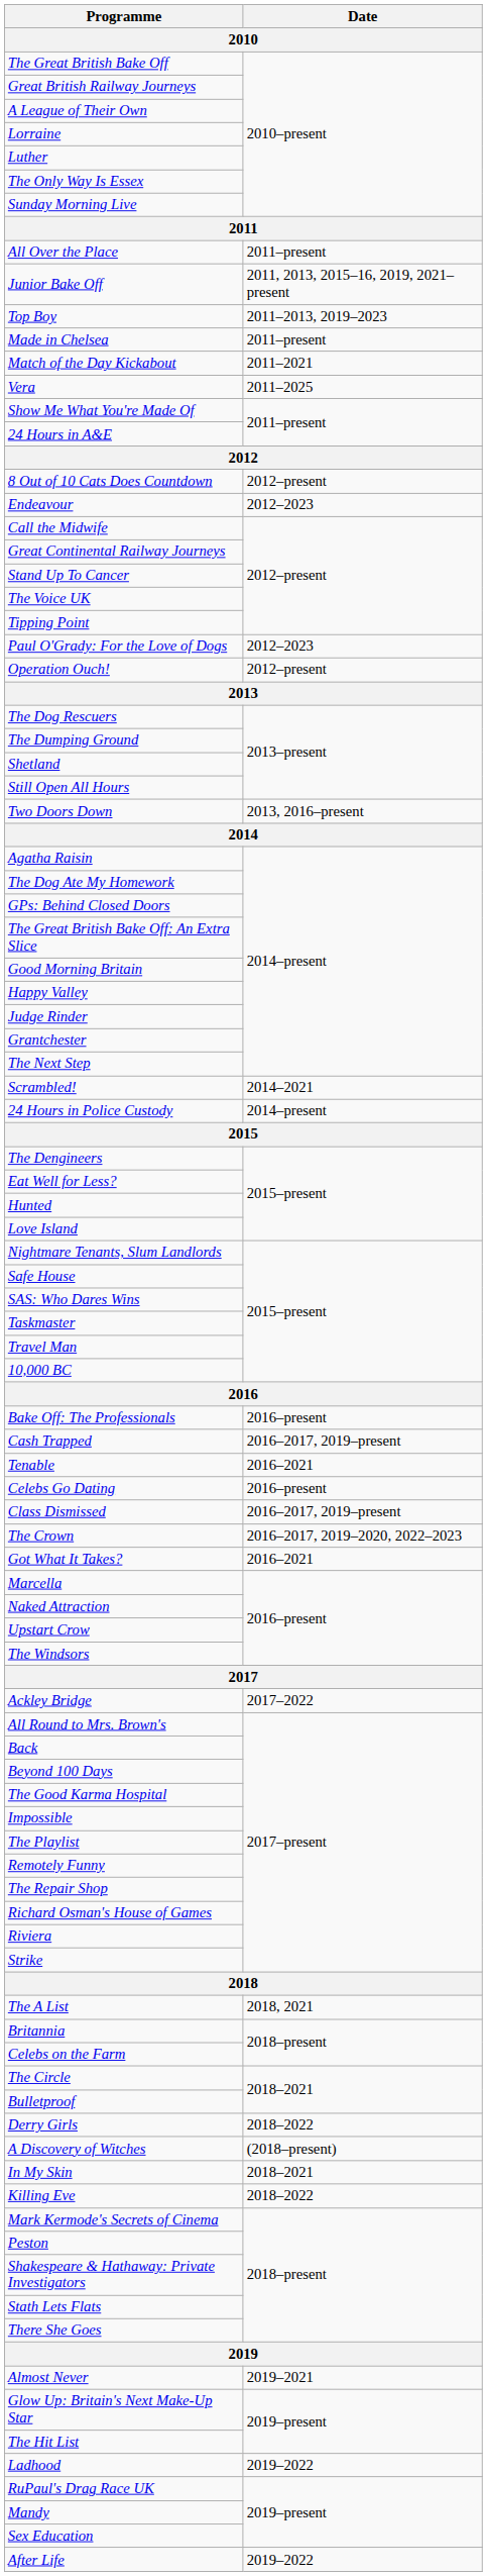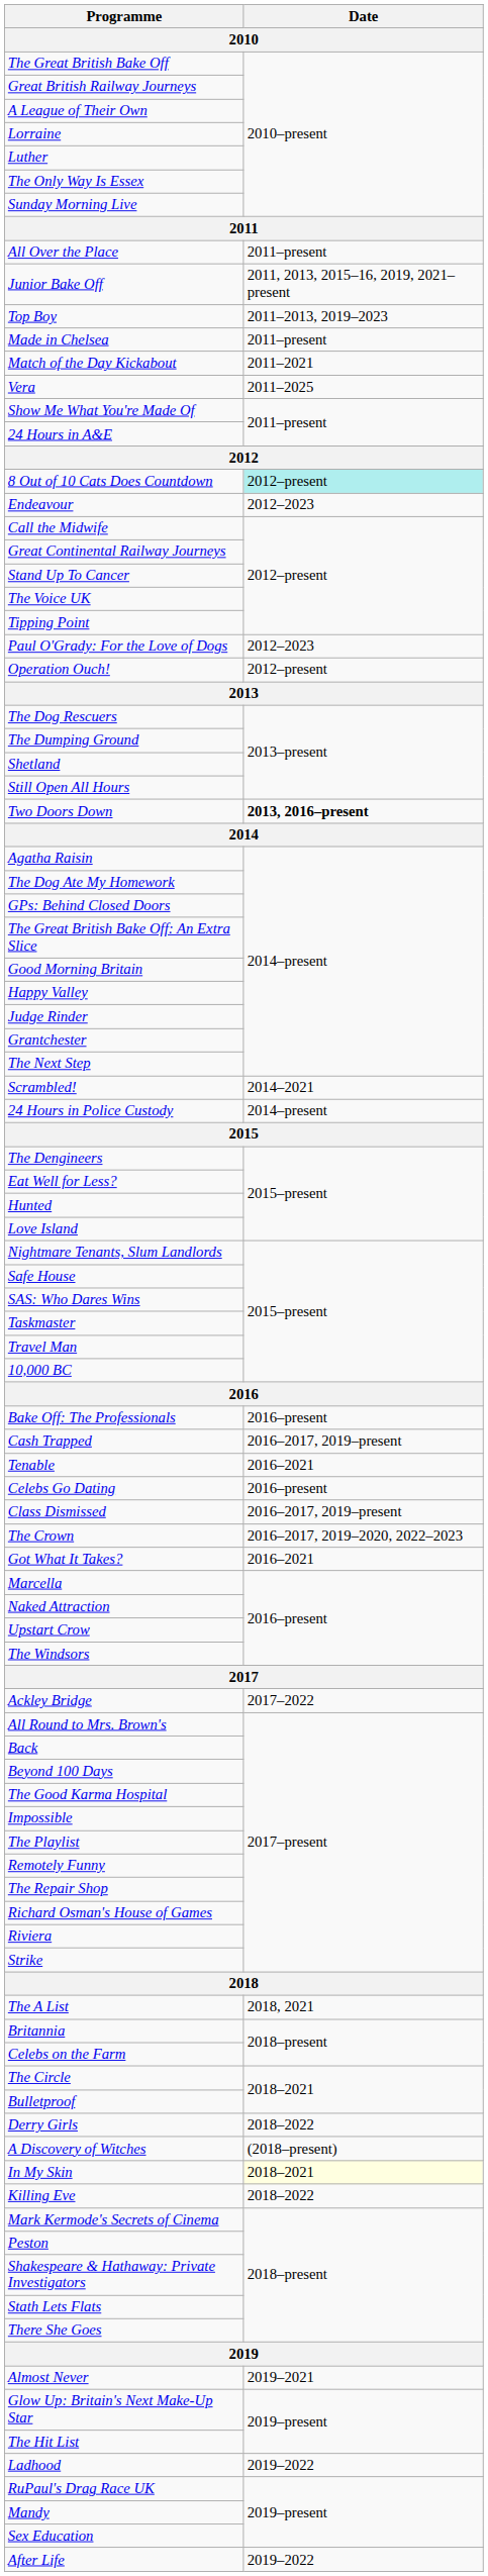 <table class="wikitable">
 <tr>
 <th width=250>Programme</th>
 <th width=250>Date</th>
 </tr>
 <tr>
 <th colspan=2>2010</th>
 </tr>
 <tr>
 <td><em><a href='#'>The Great British Bake Off</a></em></td>
 <td rowspan=7>2010–present</td>
 </tr>
 <tr>
 <td><em><a href='#'>Great British Railway Journeys</a></em></td>
 </tr>
 <tr>
 <td><em><a href='#'>A League of Their Own</a></em></td>
 </tr>
 <tr>
 <td><em><a href='#'>Lorraine</a></em></td>
 </tr>
 <tr>
 <td><em><a href='#'>Luther</a></em></td>
 </tr>
 <tr>
 <td><em><a href='#'>The Only Way Is Essex</a></em></td>
 </tr>
 <tr>
 <td><em><a href='#'>Sunday Morning Live</a></em></td>
 </tr>
 <tr>
 <th colspan=2>2011</th>
 </tr>
 <tr>
 <td><em><a href='#'>All Over the Place</a></em></td>
 <td>2011–present</td>
 </tr>
 <tr>
 <td><em><a href='#'>Junior Bake Off</a></em></td>
 <td>2011, 2013, 2015–16, 2019, 2021–present</td>
 </tr>
 <tr>
 <td><em><a href='#'>Top Boy</a></em></td>
 <td>2011–2013, 2019–2023</td>
 </tr>
 <tr>
 <td><em><a href='#'>Made in Chelsea</a></em></td>
 <td>2011–present</td>
 </tr>
 <tr>
 <td><em><a href='#'>Match of the Day Kickabout</a></em></td>
 <td>2011–2021</td>
 </tr>
 <tr>
 <td><em><a href='#'>Vera</a></em></td>
 <td>2011–2025</td>
 </tr>
 <tr>
 <td><em><a href='#'>Show Me What You're Made Of</a></em></td>
 <td rowspan=2>2011–present</td>
 </tr>
 <tr>
 <td><em><a href='#'>24 Hours in A&E</a></em></td>
 </tr>
 <tr>
 <th colspan=2>2012</th>
 </tr>
 <tr>
 <td><em><a href='#'>8 Out of 10 Cats Does Countdown</a></em></td>
-<td>2012–present</td>
+<td style="background: paleturquoise;">2012–present</td>
 </tr>
 <tr>
 <td><em><a href='#'>Endeavour</a></em></td>
 <td>2012–2023</td>
 </tr>
 <tr>
 <td><em><a href='#'>Call the Midwife</a></em></td>
 <td rowspan=5>2012–present</td>
 </tr>
 <tr>
 <td><em><a href='#'>Great Continental Railway Journeys</a></em></td>
 </tr>
 <tr>
 <td><em><a href='#'>Stand Up To Cancer</a></em></td>
 </tr>
 <tr>
 <td><em><a href='#'>The Voice UK</a></em></td>
 </tr>
 <tr>
 <td><em><a href='#'>Tipping Point</a></em></td>
 </tr>
 <tr>
 <td><em><a href='#'>Paul O'Grady: For the Love of Dogs</a></em></td>
 <td>2012–2023</td>
 </tr>
 <tr>
 <td><em><a href='#'>Operation Ouch!</a></em></td>
 <td>2012–present</td>
 </tr>
 <tr>
 <th colspan=2>2013</th>
 </tr>
 <tr>
 <td><em><a href='#'>The Dog Rescuers</a></em></td>
 <td rowspan="4">2013–present</td>
 </tr>
 <tr>
 <td><em><a href='#'>The Dumping Ground</a></em></td>
 </tr>
 <tr>
 <td><em><a href='#'>Shetland</a></em></td>
 </tr>
 <tr>
 <td><em><a href='#'>Still Open All Hours</a></em></td>
 </tr>
 <tr>
 <td><em><a href='#'>Two Doors Down</a></em></td>
-<td>2013, 2016–present</td>
+<td><strong>2013, 2016–present</strong></td>
 </tr>
 <tr>
 <th colspan=2>2014</th>
 </tr>
 <tr>
 <td><em><a href='#'>Agatha Raisin</a></em></td>
 <td rowspan="9">2014–present</td>
 </tr>
 <tr>
 <td><em><a href='#'>The Dog Ate My Homework</a></em></td>
 </tr>
 <tr>
 <td><em><a href='#'>GPs: Behind Closed Doors</a></em></td>
 </tr>
 <tr>
 <td><em><a href='#'>The Great British Bake Off: An Extra Slice</a></em></td>
 </tr>
 <tr>
 <td><em><a href='#'>Good Morning Britain</a></em></td>
 </tr>
 <tr>
 <td><em><a href='#'>Happy Valley</a></em></td>
 </tr>
 <tr>
 <td><em><a href='#'>Judge Rinder</a></em></td>
 </tr>
 <tr>
 <td><em><a href='#'>Grantchester</a></em></td>
 </tr>
 <tr>
 <td><em><a href='#'>The Next Step</a></em></td>
 </tr>
 <tr>
 <td><em><a href='#'>Scrambled!</a></em></td>
 <td>2014–2021</td>
 </tr>
 <tr>
 <td><em><a href='#'>24 Hours in Police Custody</a></em></td>
 <td>2014–present</td>
 </tr>
 <tr>
 <th colspan=2>2015</th>
 </tr>
 <tr>
 <td><em><a href='#'>The Dengineers</a></em></td>
 <td rowspan="4">2015–present</td>
 </tr>
 <tr>
 <td><em><a href='#'>Eat Well for Less?</a></em></td>
 </tr>
 <tr>
 <td><em><a href='#'>Hunted</a></em></td>
 </tr>
 <tr>
 <td><em><a href='#'>Love Island</a></em></td>
 </tr>
 <tr>
 <td><em><a href='#'>Nightmare Tenants, Slum Landlords</a></em></td>
 <td rowspan="6">2015–present</td>
 </tr>
 <tr>
 <td><em><a href='#'>Safe House</a></em></td>
 </tr>
 <tr>
 <td><em><a href='#'>SAS: Who Dares Wins</a></em></td>
 </tr>
 <tr>
 <td><em><a href='#'>Taskmaster</a></em></td>
 </tr>
 <tr>
 <td><em><a href='#'>Travel Man</a></em></td>
 </tr>
 <tr>
 <td><em><a href='#'>10,000 BC</a></em></td>
 </tr>
 <tr>
 <th colspan=2>2016</th>
 </tr>
 <tr>
 <td><em><a href='#'>Bake Off: The Professionals</a></em></td>
 <td>2016–present</td>
 </tr>
 <tr>
 <td><em><a href='#'>Cash Trapped</a></em></td>
 <td>2016–2017, 2019–present</td>
 </tr>
 <tr>
 <td><em><a href='#'>Tenable</a></em></td>
 <td>2016–2021</td>
 </tr>
 <tr>
 <td><em><a href='#'>Celebs Go Dating</a></em></td>
 <td>2016–present</td>
 </tr>
 <tr>
 <td><em><a href='#'>Class Dismissed</a></em></td>
 <td>2016–2017, 2019–present</td>
 </tr>
 <tr>
 <td><em><a href='#'>The Crown</a></em></td>
 <td>2016–2017, 2019–2020, 2022–2023</td>
 </tr>
 <tr>
 <td><em><a href='#'>Got What It Takes?</a></em></td>
 <td>2016–2021</td>
 </tr>
 <tr>
 <td><em><a href='#'>Marcella</a></em></td>
 <td rowspan="4">2016–present</td>
 </tr>
 <tr>
 <td><em><a href='#'>Naked Attraction</a></em></td>
 </tr>
 <tr>
 <td><em><a href='#'>Upstart Crow</a></em></td>
 </tr>
 <tr>
 <td><em><a href='#'>The Windsors</a></em></td>
 </tr>
 <tr>
 <th style="width:500,;" colspan="2">2017</th>
 </tr>
 <tr>
 <td><em><a href='#'>Ackley Bridge</a></em></td>
 <td>2017–2022</td>
 </tr>
 <tr>
 <td><em><a href='#'>All Round to Mrs. Brown's</a></em></td>
 <td rowspan="11">2017–present</td>
 </tr>
 <tr>
 <td><em><a href='#'>Back</a></em></td>
 </tr>
 <tr>
 <td><em><a href='#'>Beyond 100 Days</a></em></td>
 </tr>
 <tr>
 <td><em><a href='#'>The Good Karma Hospital</a></em></td>
 </tr>
 <tr>
 <td><em><a href='#'>Impossible</a></em></td>
 </tr>
 <tr>
 <td><em><a href='#'>The Playlist</a></em></td>
 </tr>
 <tr>
 <td><em><a href='#'>Remotely Funny</a></em></td>
 </tr>
 <tr>
 <td><em><a href='#'>The Repair Shop</a></em></td>
 </tr>
 <tr>
 <td><em><a href='#'>Richard Osman's House of Games</a></em></td>
 </tr>
 <tr>
 <td><em><a href='#'>Riviera</a></em></td>
 </tr>
 <tr>
 <td><em><a href='#'>Strike</a></em></td>
 </tr>
 <tr>
 <th colspan=2>2018</th>
 </tr>
 <tr>
 <td><em><a href='#'>The A List</a></em></td>
 <td>2018, 2021</td>
 </tr>
 <tr>
 <td><em><a href='#'>Britannia</a></em></td>
 <td rowspan="2">2018–present</td>
 </tr>
 <tr>
 <td><em><a href='#'>Celebs on the Farm</a></em></td>
 </tr>
 <tr>
 <td><em><a href='#'>The Circle</a></em></td>
 <td rowspan=2>2018–2021</td>
 </tr>
 <tr>
 <td><em><a href='#'>Bulletproof</a></em></td>
 </tr>
 <tr>
 <td><em><a href='#'>Derry Girls</a></em></td>
 <td>2018–2022</td>
 </tr>
 <tr>
 <td><em><a href='#'>A Discovery of Witches</a></em></td>
 <td>(2018–present)</td>
 </tr>
 <tr>
 <td><em><a href='#'>In My Skin</a></em></td>
-<td>2018–2021</td>
+<td style="background: lightyellow;">2018–2021</td>
 </tr>
 <tr>
 <td><em><a href='#'>Killing Eve</a></em></td>
 <td>2018–2022</td>
 </tr>
 <tr>
 <td><em><a href='#'>Mark Kermode's Secrets of Cinema</a></em></td>
 <td rowspan="5">2018–present</td>
 </tr>
 <tr>
 <td><em><a href='#'>Peston</a></em></td>
 </tr>
 <tr>
 <td><em><a href='#'>Shakespeare & Hathaway: Private Investigators</a></em></td>
 </tr>
 <tr>
 <td><em><a href='#'>Stath Lets Flats</a></em></td>
 </tr>
 <tr>
 <td><em><a href='#'>There She Goes</a></em></td>
 </tr>
 <tr>
 <th colspan=2>2019</th>
 </tr>
 <tr>
 <td><em><a href='#'>Almost Never</a></em></td>
 <td>2019–2021</td>
 </tr>
 <tr>
 <td><em><a href='#'>Glow Up: Britain's Next Make-Up Star</a></em></td>
 <td rowspan="2">2019–present</td>
 </tr>
 <tr>
 <td><em><a href='#'>The Hit List</a></em></td>
 </tr>
 <tr>
 <td><em><a href='#'>Ladhood</a></em></td>
 <td>2019–2022</td>
 </tr>
 <tr>
 <td><em><a href='#'>RuPaul's Drag Race UK</a></em></td>
 <td rowspan="3">2019–present</td>
 </tr>
 <tr>
 <td><em><a href='#'>Mandy</a></em></td>
 </tr>
 <tr>
 <td><em><a href='#'>Sex Education</a></em></td>
 </tr>
 <tr>
 <td><em><a href='#'>After Life</a></em></td>
 <td>2019–2022</td>
 </tr>
 </table>
